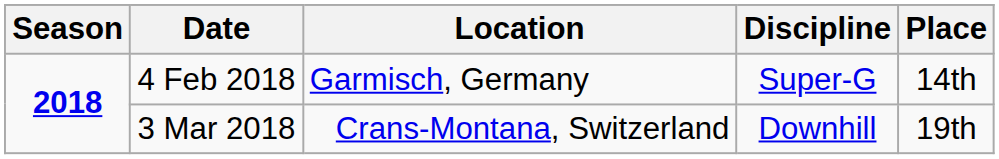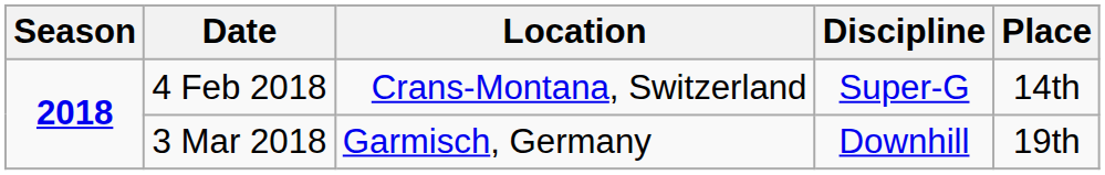 <table class="wikitable" style="text-align:center;">
 <tr>
 <th>Season</th>
 <th>Date</th>
 <th>Location</th>
 <th>Discipline</th>
 <th>Place</th>
 </tr>
 <tr>
 <td rowspan=2><strong><a href='#'>2018</a></strong></td>
 <td style="text-align:right;">4 Feb 2018</td>
-<td align=left> <a href='#'>Garmisch</a>, Germany</td>
+<td align=left>   <a href='#'>Crans-Montana</a>, Switzerland</td>
 <td><a href='#'>Super-G</a></td>
 <td>14th</td>
 </tr>
 <tr>
 <td style="text-align:right;">3 Mar 2018</td>
-<td align=left>   <a href='#'>Crans-Montana</a>, Switzerland</td>
+<td align=left> <a href='#'>Garmisch</a>, Germany</td>
 <td><a href='#'>Downhill</a></td>
 <td>19th</td>
 </tr>
 </table>
